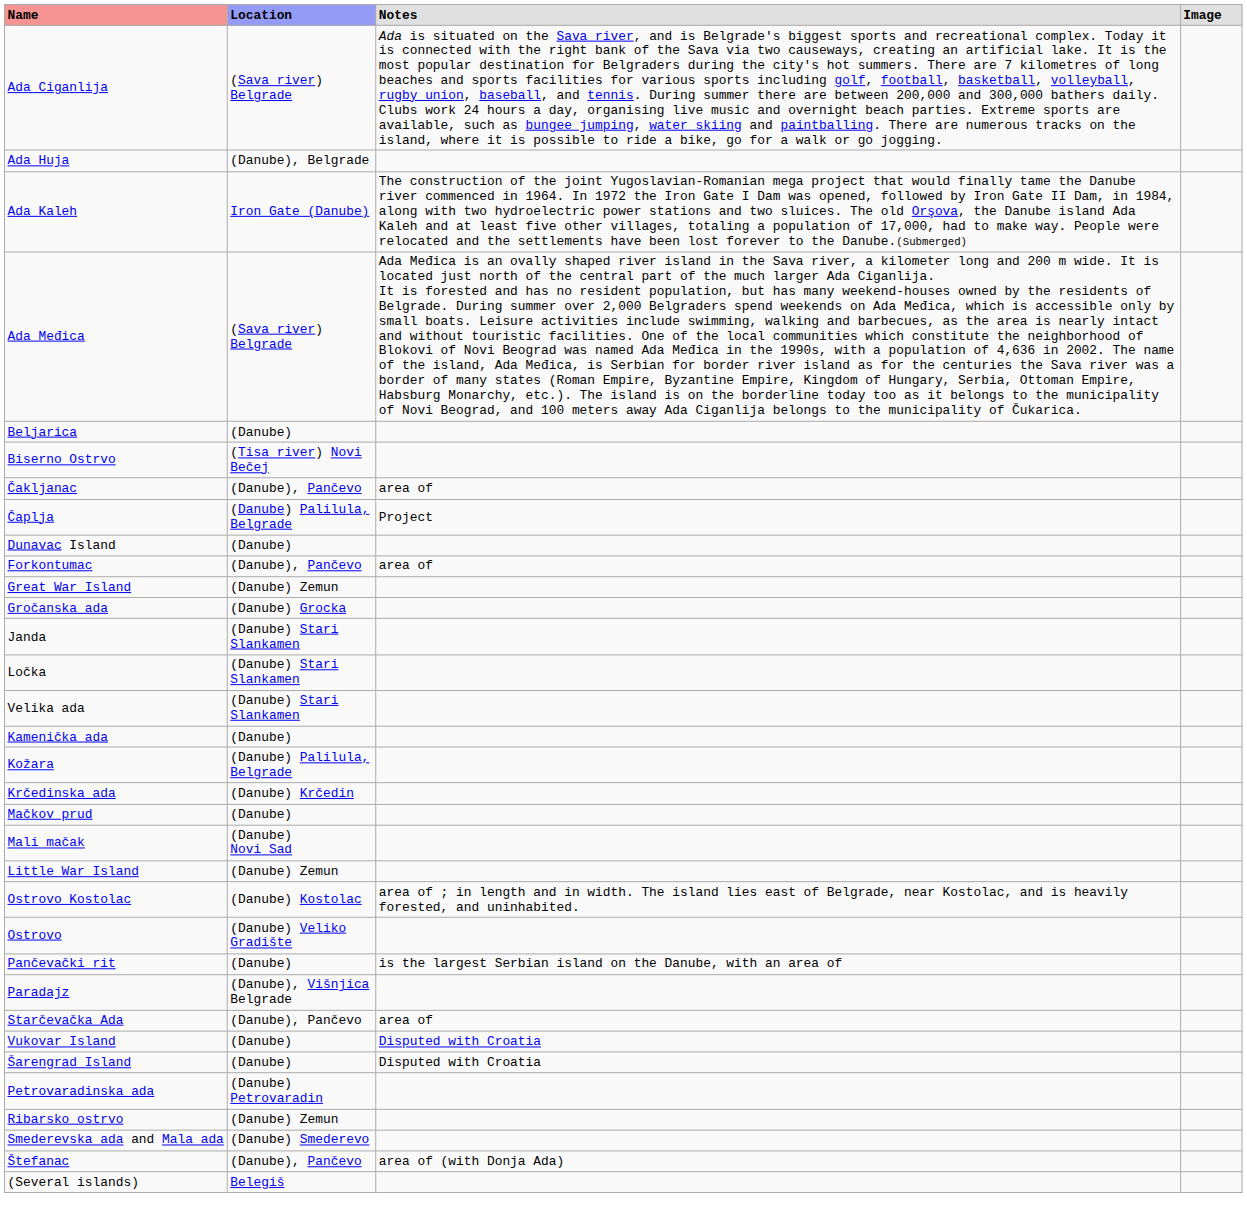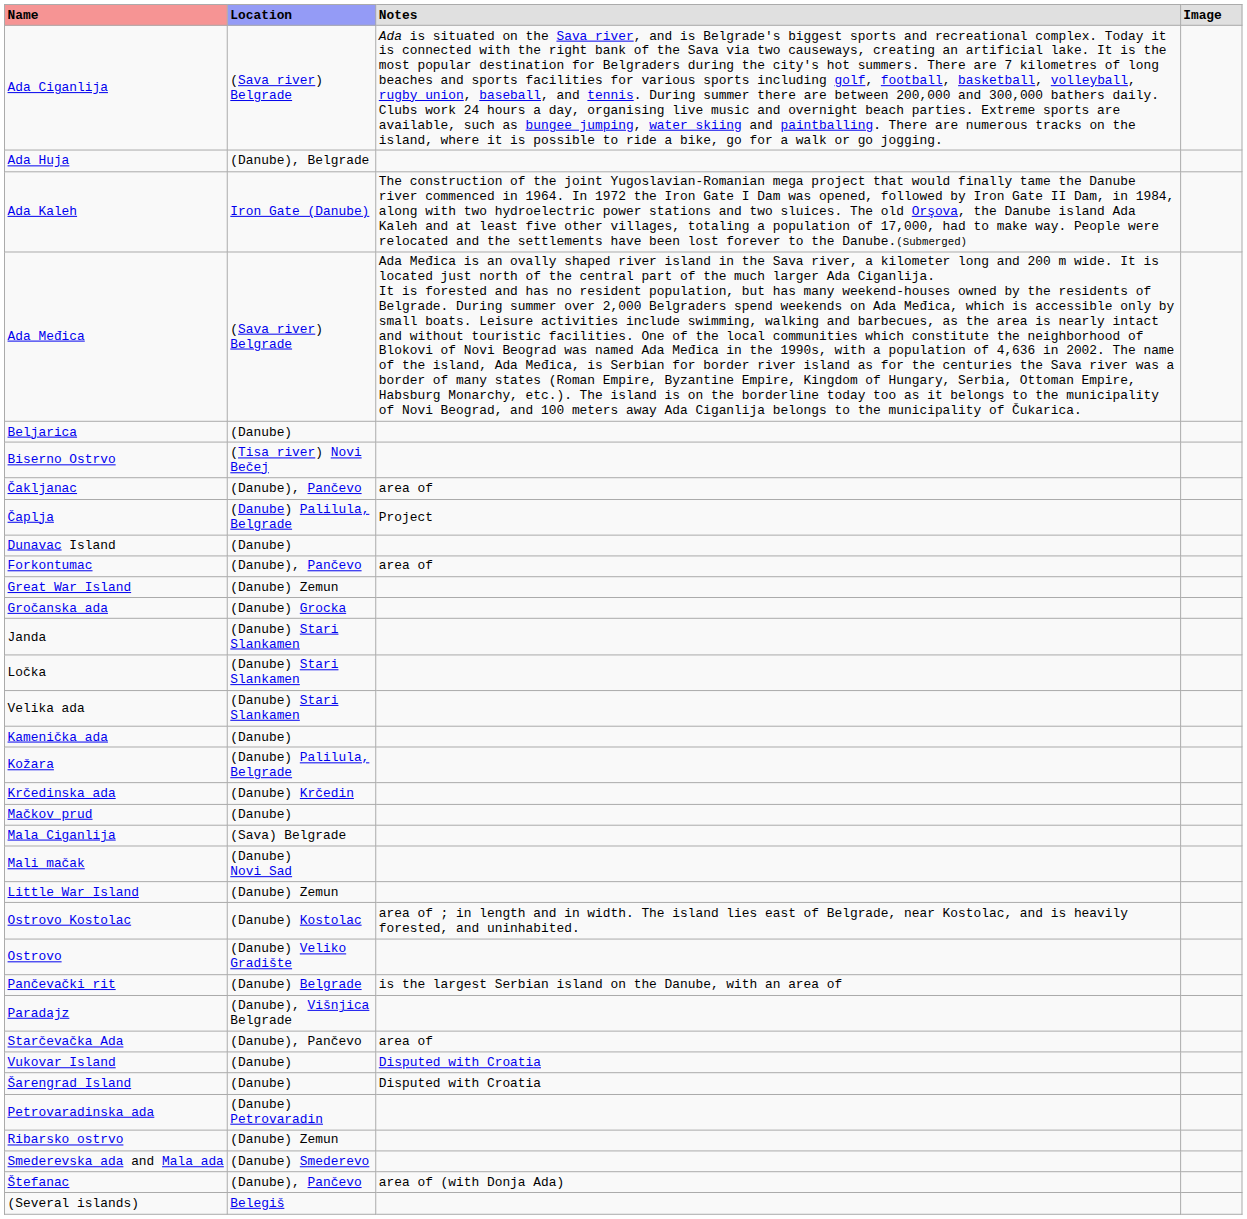 <table class="wikitable">
 <tr>
 <td width="18%" bgcolor="#f69494"><strong>Name</strong></td>
 <td width="12%" bgcolor="#949bf6"><strong>Location</strong></td>
 <td width="65%" bgcolor="#e0e0e0"><strong>Notes</strong></td>
 <td width="10%" bgcolor="#e0e0e0"><strong>Image</strong></td>
 </tr>
 <tr>
 <td><a href='#'>Ada Ciganlija</a></td>
 <td>(<a href='#'>Sava river</a>) <a href='#'>Belgrade</a></td>
 <td><em>Ada</em> is situated on the <a href='#'>Sava river</a>, and is Belgrade's biggest sports and recreational complex. Today it is connected with the right bank of the Sava via two causeways, creating an artificial lake. It is the most popular destination for Belgraders during the city's hot summers. There are 7 kilometres of long beaches and sports facilities for various sports including <a href='#'>golf</a>, <a href='#'>football</a>, <a href='#'>basketball</a>, <a href='#'>volleyball</a>, <a href='#'>rugby union</a>, <a href='#'>baseball</a>, and <a href='#'>tennis</a>. During summer there are between 200,000 and 300,000 bathers daily. Clubs work 24 hours a day, organising live music and overnight beach parties. Extreme sports are available, such as <a href='#'>bungee jumping</a>, <a href='#'>water skiing</a> and <a href='#'>paintballing</a>. There are numerous tracks on the island, where it is possible to ride a bike, go for a walk or go jogging.</td>
 <td><br></td>
 </tr>
 <tr>
 <td><a href='#'>Ada Huja</a></td>
 <td>(Danube), Belgrade</td>
 <td></td>
 <td></td>
 </tr>
 <tr>
 <td><a href='#'>Ada Kaleh</a></td>
 <td><a href='#'>Iron Gate (Danube)</a></td>
 <td>The construction of the joint Yugoslavian-Romanian mega project that would finally tame the Danube river commenced in 1964. In 1972 the Iron Gate I Dam was opened, followed by Iron Gate II Dam, in 1984, along with two hydroelectric power stations and two sluices. The old <a href='#'>Orşova</a>, the Danube island Ada Kaleh and at least five other villages, totaling a population of 17,000, had to make way. People were relocated and the settlements have been lost forever to the Danube.<small>(Submerged)</small></td>
 <td></td>
 </tr>
 <tr>
 <td><a href='#'>Ada Međica</a></td>
 <td>(<a href='#'>Sava river</a>) <a href='#'>Belgrade</a></td>
 <td>Ada Međica is an ovally shaped river island in the Sava river, a kilometer long and 200 m wide. It is located just north of the central part of the much larger Ada Ciganlija.<br>It is forested and has no resident population, but has many weekend-houses owned by the residents of Belgrade. During summer over 2,000 Belgraders spend weekends on Ada Međica, which is accessible only by small boats. Leisure activities include swimming, walking and barbecues, as the area is nearly intact and without touristic facilities. One of the local communities which constitute the neighborhood of Blokovi of Novi Beograd was named Ada Međica in the 1990s, with a population of 4,636 in 2002. The name of the island, Ada Međica, is Serbian for border river island as for the centuries the Sava river was a border of many states (Roman Empire, Byzantine Empire, Kingdom of Hungary, Serbia, Ottoman Empire, Habsburg Monarchy, etc.). The island is on the borderline today too as it belongs to the municipality of Novi Beograd, and 100 meters away Ada Ciganlija belongs to the municipality of Čukarica.</td>
 <td></td>
 </tr>
 <tr>
 <td><a href='#'>Beljarica</a></td>
 <td>(Danube)</td>
 <td></td>
 <td></td>
 </tr>
 <tr>
 <td><a href='#'>Biserno Ostrvo</a></td>
 <td>(<a href='#'>Tisa river</a>) <a href='#'>Novi Bečej</a></td>
 <td></td>
 <td></td>
 </tr>
 <tr>
 <td><a href='#'>Čakljanac</a></td>
 <td>(Danube), <a href='#'>Pančevo</a></td>
 <td>area of </td>
 <td></td>
 </tr>
 <tr>
 <td><a href='#'>Čaplja</a></td>
 <td>(<a href='#'>Danube</a>) <a href='#'>Palilula, Belgrade</a></td>
 <td>Project</td>
 <td></td>
 </tr>
 <tr>
 <td><a href='#'>Dunavac</a> Island</td>
 <td>(Danube)</td>
 <td></td>
 <td></td>
 </tr>
 <tr>
 <td><a href='#'>Forkontumac</a></td>
 <td>(Danube), <a href='#'>Pančevo</a></td>
 <td>area of </td>
 <td></td>
 </tr>
 <tr>
 <td><a href='#'>Great War Island</a></td>
 <td>(Danube) Zemun</td>
 <td></td>
 <td></td>
 </tr>
 <tr>
 <td><a href='#'>Gročanska ada</a></td>
 <td>(Danube) <a href='#'>Grocka</a></td>
 <td></td>
 <td></td>
 </tr>
 <tr>
 <td>Janda</td>
 <td>(Danube) <a href='#'>Stari Slankamen</a></td>
 <td></td>
 <td></td>
 </tr>
 <tr>
 <td>Ločka</td>
 <td>(Danube) <a href='#'>Stari Slankamen</a></td>
 <td></td>
 <td></td>
 </tr>
 <tr>
 <td>Velika ada</td>
 <td>(Danube) <a href='#'>Stari Slankamen</a></td>
 <td></td>
 <td></td>
 </tr>
 <tr>
 <td><a href='#'>Kamenička ada</a></td>
 <td>(Danube)</td>
 <td></td>
 <td></td>
 </tr>
 <tr>
 <td><a href='#'>Kožara</a></td>
 <td>(Danube) <a href='#'>Palilula, Belgrade</a></td>
 <td></td>
 <td></td>
 </tr>
 <tr>
 <td><a href='#'>Krčedinska ada</a></td>
 <td>(Danube) <a href='#'>Krčedin</a></td>
 <td></td>
 <td></td>
 </tr>
 <tr>
 <td><a href='#'>Mačkov prud</a></td>
 <td>(Danube)</td>
 <td></td>
 <td></td>
 </tr>
 <tr>
+<td><a href='#'>Mala Ciganlija</a></td>
+<td>(Sava) Belgrade</td>
+<td></td>
+<td></td>
+</tr>
+<tr>
 <td><a href='#'>Mali mačak</a></td>
 <td>(Danube)<br><a href='#'>Novi Sad</a></td>
 <td></td>
 <td></td>
 </tr>
 <tr>
 <td><a href='#'>Little War Island</a></td>
 <td>(Danube) Zemun</td>
 <td></td>
 <td></td>
 </tr>
 <tr>
 <td><a href='#'>Ostrovo Kostolac</a></td>
 <td>(Danube) <a href='#'>Kostolac</a></td>
 <td>area of  ;  in length and  in width. The island lies east of Belgrade, near Kostolac, and is heavily forested, and uninhabited.</td>
 <td></td>
 </tr>
 <tr>
 <td><a href='#'>Ostrovo</a></td>
 <td>(Danube) <a href='#'>Veliko Gradište</a></td>
 <td></td>
 <td></td>
 </tr>
 <tr>
 <td><a href='#'>Pančevački rit</a></td>
-<td>(Danube)</td>
+<td>(Danube) <a href='#'>Belgrade</a></td>
 <td>is the largest Serbian island on the Danube, with an area of </td>
 <td></td>
 </tr>
 <tr>
 <td><a href='#'>Paradajz</a></td>
 <td>(Danube), <a href='#'>Višnjica</a> Belgrade</td>
 <td></td>
 <td></td>
 </tr>
 <tr>
 <td><a href='#'>Starčevačka Ada</a></td>
 <td>(Danube), Pančevo</td>
 <td>area of </td>
 <td></td>
 </tr>
 <tr>
 <td><a href='#'>Vukovar Island</a></td>
 <td>(Danube)</td>
 <td><a href='#'>Disputed with Croatia</a></td>
 <td></td>
 </tr>
 <tr>
 <td><a href='#'>Šarengrad Island</a></td>
 <td>(Danube)</td>
 <td>Disputed with Croatia</td>
 <td></td>
 </tr>
 <tr>
 <td><a href='#'>Petrovaradinska ada</a></td>
 <td>(Danube)<br><a href='#'>Petrovaradin</a></td>
 <td></td>
 <td></td>
 </tr>
 <tr>
 <td><a href='#'>Ribarsko ostrvo</a></td>
 <td>(Danube) Zemun</td>
 <td></td>
 <td></td>
 </tr>
 <tr>
 <td><a href='#'>Smederevska ada</a> and <a href='#'>Mala ada</a></td>
 <td>(Danube) <a href='#'>Smederevo</a></td>
 <td></td>
 <td></td>
 </tr>
 <tr>
 <td><a href='#'>Štefanac</a></td>
 <td>(Danube), <a href='#'>Pančevo</a></td>
 <td>area of  (with Donja Ada)</td>
 <td></td>
 </tr>
 <tr>
 <td>(Several islands)</td>
 <td><a href='#'>Belegiš</a></td>
 <td></td>
 <td></td>
 </tr>
 </table>
